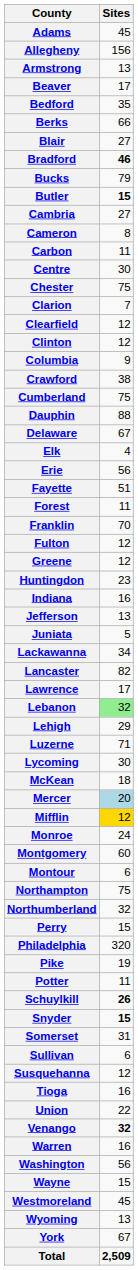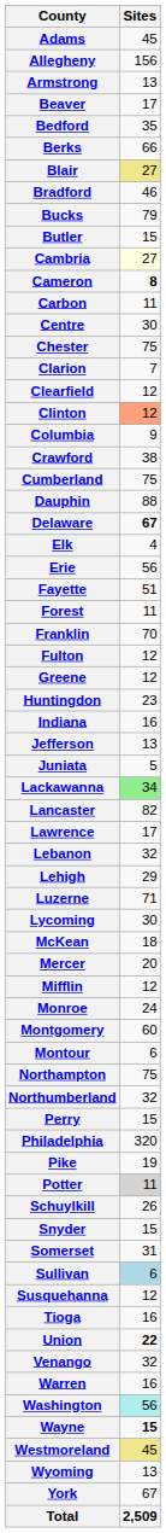 <table class="wikitable sortable">
 <tr>
 <th scope="col">County</th>
 <th scope="col">Sites</th>
 </tr>
 <tr>
 <th scope="row"><a href='#'>Adams</a></th>
 <td style="text-align: right">45</td>
 </tr>
 <tr>
 <th scope="row"><a href='#'>Allegheny</a></th>
 <td style="text-align: right">156</td>
 </tr>
 <tr>
 <th scope="row"><a href='#'>Armstrong</a></th>
 <td style="text-align: right">13</td>
 </tr>
 <tr>
 <th scope="row"><a href='#'>Beaver</a></th>
 <td style="text-align: right">17</td>
 </tr>
 <tr>
 <th scope="row"><a href='#'>Bedford</a></th>
 <td style="text-align: right">35</td>
 </tr>
 <tr>
 <th scope="row"><a href='#'>Berks</a></th>
 <td style="text-align: right">66</td>
 </tr>
 <tr>
 <th scope="row"><a href='#'>Blair</a></th>
-<td style="text-align: right">27</td>
+<td style="background: khaki; text-align: right">27</td>
 </tr>
 <tr>
 <th scope="row"><a href='#'>Bradford</a></th>
-<td style="text-align: right"><strong>46</strong></td>
+<td style="text-align: right">46</td>
 </tr>
 <tr>
 <th scope="row"><a href='#'>Bucks</a></th>
 <td style="text-align: right">79</td>
 </tr>
 <tr>
 <th scope="row"><a href='#'>Butler</a></th>
-<td style="text-align: right"><strong>15</strong></td>
+<td style="text-align: right">15</td>
 </tr>
 <tr>
 <th scope="row"><a href='#'>Cambria</a></th>
-<td style="text-align: right">27</td>
+<td style="background: lightyellow; text-align: right">27</td>
 </tr>
 <tr>
 <th scope="row"><a href='#'>Cameron</a></th>
-<td style="text-align: right">8</td>
+<td style="text-align: right"><strong>8</strong></td>
 </tr>
 <tr>
 <th scope="row"><a href='#'>Carbon</a></th>
 <td style="text-align: right">11</td>
 </tr>
 <tr>
 <th scope="row"><a href='#'>Centre</a></th>
 <td style="text-align: right">30</td>
 </tr>
 <tr>
 <th scope="row"><a href='#'>Chester</a></th>
 <td style="text-align: right">75</td>
 </tr>
 <tr>
 <th scope="row"><a href='#'>Clarion</a></th>
 <td style="text-align: right">7</td>
 </tr>
 <tr>
 <th scope="row"><a href='#'>Clearfield</a></th>
 <td style="text-align: right">12</td>
 </tr>
 <tr>
 <th scope="row"><a href='#'>Clinton</a></th>
-<td style="text-align: right">12</td>
+<td style="background: lightsalmon; text-align: right">12</td>
 </tr>
 <tr>
 <th scope="row"><a href='#'>Columbia</a></th>
 <td style="text-align: right">9</td>
 </tr>
 <tr>
 <th scope="row"><a href='#'>Crawford</a></th>
 <td style="text-align: right">38</td>
 </tr>
 <tr>
 <th scope="row"><a href='#'>Cumberland</a></th>
 <td style="text-align: right">75</td>
 </tr>
 <tr>
 <th scope="row"><a href='#'>Dauphin</a></th>
 <td style="text-align: right">88</td>
 </tr>
 <tr>
 <th scope="row"><a href='#'>Delaware</a></th>
-<td style="text-align: right">67</td>
+<td style="text-align: right"><strong>67</strong></td>
 </tr>
 <tr>
 <th scope="row"><a href='#'>Elk</a></th>
 <td style="text-align: right">4</td>
 </tr>
 <tr>
 <th scope="row"><a href='#'>Erie</a></th>
 <td style="text-align: right">56</td>
 </tr>
 <tr>
 <th scope="row"><a href='#'>Fayette</a></th>
 <td style="text-align: right">51</td>
 </tr>
 <tr>
 <th scope="row"><a href='#'>Forest</a></th>
 <td style="text-align: right">11</td>
 </tr>
 <tr>
 <th scope="row"><a href='#'>Franklin</a></th>
 <td style="text-align: right">70</td>
 </tr>
 <tr>
 <th scope="row"><a href='#'>Fulton</a></th>
 <td style="text-align: right">12</td>
 </tr>
 <tr>
 <th scope="row"><a href='#'>Greene</a></th>
 <td style="text-align: right">12</td>
 </tr>
 <tr>
 <th scope="row"><a href='#'>Huntingdon</a></th>
 <td style="text-align: right">23</td>
 </tr>
 <tr>
 <th scope="row"><a href='#'>Indiana</a></th>
 <td style="text-align: right">16</td>
 </tr>
 <tr>
 <th scope="row"><a href='#'>Jefferson</a></th>
 <td style="text-align: right">13</td>
 </tr>
 <tr>
 <th scope="row"><a href='#'>Juniata</a></th>
 <td style="text-align: right">5</td>
 </tr>
 <tr>
 <th scope="row"><a href='#'>Lackawanna</a></th>
-<td style="text-align: right">34</td>
+<td style="background: lightgreen; text-align: right">34</td>
 </tr>
 <tr>
 <th scope="row"><a href='#'>Lancaster</a></th>
 <td style="text-align: right">82</td>
 </tr>
 <tr>
 <th scope="row"><a href='#'>Lawrence</a></th>
 <td style="text-align: right">17</td>
 </tr>
 <tr>
 <th scope="row"><a href='#'>Lebanon</a></th>
-<td style="background: lightgreen; text-align: right">32</td>
+<td style="text-align: right">32</td>
 </tr>
 <tr>
 <th scope="row"><a href='#'>Lehigh</a></th>
 <td style="text-align: right">29</td>
 </tr>
 <tr>
 <th scope="row"><a href='#'>Luzerne</a></th>
 <td style="text-align: right">71</td>
 </tr>
 <tr>
 <th scope="row"><a href='#'>Lycoming</a></th>
 <td style="text-align: right">30</td>
 </tr>
 <tr>
 <th scope="row"><a href='#'>McKean</a></th>
 <td style="text-align: right">18</td>
 </tr>
 <tr>
 <th scope="row"><a href='#'>Mercer</a></th>
-<td style="background: lightblue; text-align: right">20</td>
+<td style="text-align: right">20</td>
 </tr>
 <tr>
 <th scope="row"><a href='#'>Mifflin</a></th>
-<td style="background: gold; text-align: right">12</td>
+<td style="text-align: right">12</td>
 </tr>
 <tr>
 <th scope="row"><a href='#'>Monroe</a></th>
 <td style="text-align: right">24</td>
 </tr>
 <tr>
 <th scope="row"><a href='#'>Montgomery</a></th>
 <td style="text-align: right">60</td>
 </tr>
 <tr>
 <th scope="row"><a href='#'>Montour</a></th>
 <td style="text-align: right">6</td>
 </tr>
 <tr>
 <th scope="row"><a href='#'>Northampton</a></th>
 <td style="text-align: right">75</td>
 </tr>
 <tr>
 <th scope="row"><a href='#'>Northumberland</a></th>
 <td style="text-align: right">32</td>
 </tr>
 <tr>
 <th scope="row"><a href='#'>Perry</a></th>
 <td style="text-align: right">15</td>
 </tr>
 <tr>
 <th scope="row"><a href='#'>Philadelphia</a></th>
 <td style="text-align: right">320</td>
 </tr>
 <tr>
 <th scope="row"><a href='#'>Pike</a></th>
 <td style="text-align: right">19</td>
 </tr>
 <tr>
 <th scope="row"><a href='#'>Potter</a></th>
-<td style="text-align: right">11</td>
+<td style="background: lightgrey; text-align: right">11</td>
 </tr>
 <tr>
 <th scope="row"><a href='#'>Schuylkill</a></th>
-<td style="text-align: right"><strong>26</strong></td>
+<td style="text-align: right">26</td>
 </tr>
 <tr>
 <th scope="row"><a href='#'>Snyder</a></th>
-<td style="text-align: right"><strong>15</strong></td>
+<td style="text-align: right">15</td>
 </tr>
 <tr>
 <th scope="row"><a href='#'>Somerset</a></th>
 <td style="text-align: right">31</td>
 </tr>
 <tr>
 <th scope="row"><a href='#'>Sullivan</a></th>
-<td style="text-align: right">6</td>
+<td style="background: lightblue; text-align: right">6</td>
 </tr>
 <tr>
 <th scope="row"><a href='#'>Susquehanna</a></th>
 <td style="text-align: right">12</td>
 </tr>
 <tr>
 <th scope="row"><a href='#'>Tioga</a></th>
 <td style="text-align: right">16</td>
 </tr>
 <tr>
 <th scope="row"><a href='#'>Union</a></th>
-<td style="text-align: right">22</td>
+<td style="text-align: right"><strong>22</strong></td>
 </tr>
 <tr>
 <th scope="row"><a href='#'>Venango</a></th>
-<td style="text-align: right"><strong>32</strong></td>
+<td style="text-align: right">32</td>
 </tr>
 <tr>
 <th scope="row"><a href='#'>Warren</a></th>
 <td style="text-align: right">16</td>
 </tr>
 <tr>
 <th scope="row"><a href='#'>Washington</a></th>
-<td style="text-align: right">56</td>
+<td style="background: paleturquoise; text-align: right">56</td>
 </tr>
 <tr>
 <th scope="row"><a href='#'>Wayne</a></th>
-<td style="text-align: right">15</td>
+<td style="text-align: right"><strong>15</strong></td>
 </tr>
 <tr>
 <th scope="row"><a href='#'>Westmoreland</a></th>
-<td style="text-align: right">45</td>
+<td style="background: khaki; text-align: right">45</td>
 </tr>
 <tr>
 <th scope="row"><a href='#'>Wyoming</a></th>
 <td style="text-align: right">13</td>
 </tr>
 <tr>
 <th scope="row"><a href='#'>York</a></th>
 <td style="text-align: right">67</td>
 </tr>
 <tr class="sortbottom">
 <th scope="row">Total</th>
 <td style="text-align: right; font-weight: bold">2,509</td>
 </tr>
 </table>
